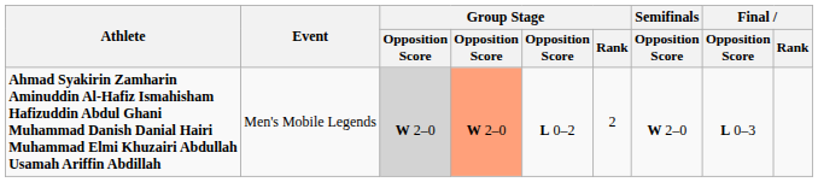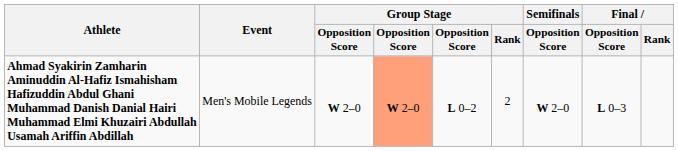 <table class="wikitable" style="font-size:90%">
 <tr>
 <th rowspan="2">Athlete</th>
 <th rowspan="2">Event</th>
 <th colspan="4">Group Stage</th>
 <th>Semifinals</th>
 <th colspan=2>Final / </th>
 </tr>
 <tr style="font-size:95%">
 <th>Opposition<br>Score</th>
 <th>Opposition<br>Score</th>
 <th>Opposition<br>Score</th>
 <th>Rank</th>
 <th>Opposition<br>Score</th>
 <th>Opposition<br>Score</th>
 <th>Rank</th>
 </tr>
 <tr align=center>
 <td align="left"><strong>Ahmad Syakirin Zamharin<br>Aminuddin Al-Hafiz Ismahisham<br>Hafizuddin Abdul Ghani<br>Muhammad Danish Danial Hairi<br>Muhammad Elmi Khuzairi Abdullah<br>Usamah Ariffin Abdillah</strong></td>
 <td align="left">Men's Mobile Legends</td>
-<td style="background: lightgrey;"><br><strong>W</strong> 2–0</td>
+<td><br><strong>W</strong> 2–0</td>
 <td style="background: lightsalmon;"><br><strong>W</strong> 2–0</td>
 <td><br><strong>L</strong> 0–2</td>
 <td>2</td>
 <td><br><strong>W</strong> 2–0</td>
 <td><br><strong>L</strong> 0–3</td>
 <td></td>
 </tr>
 </table>
